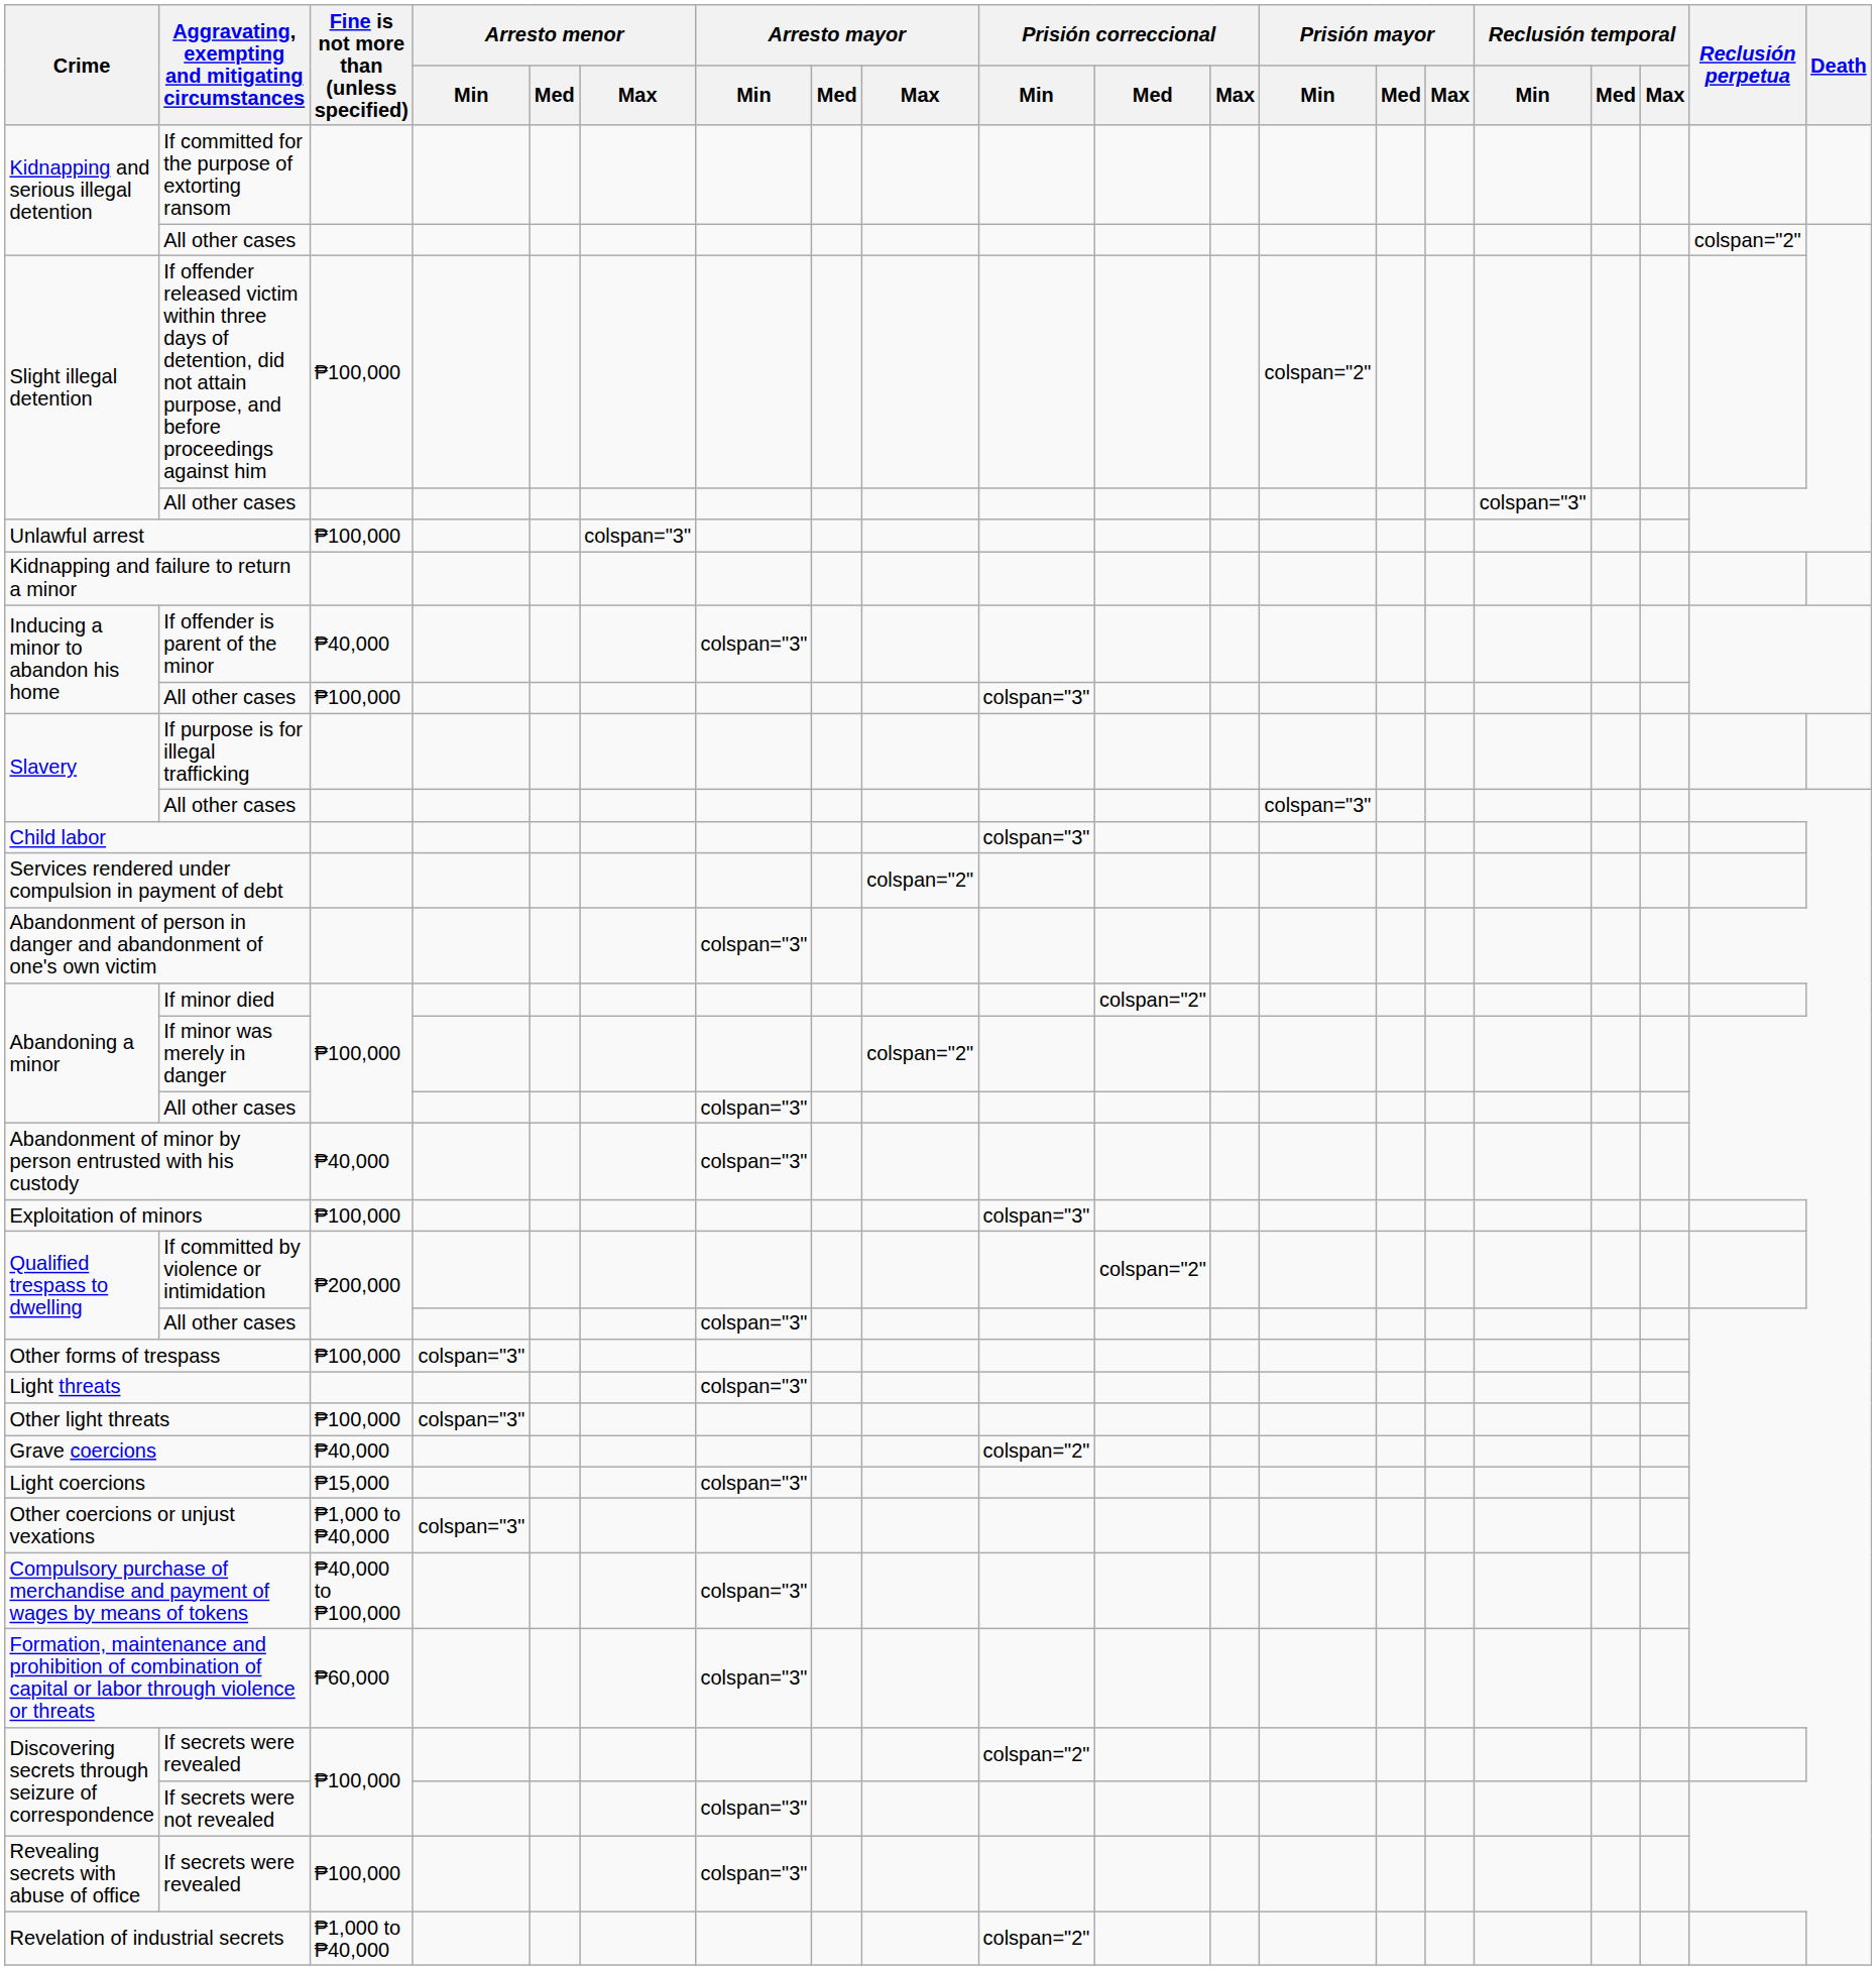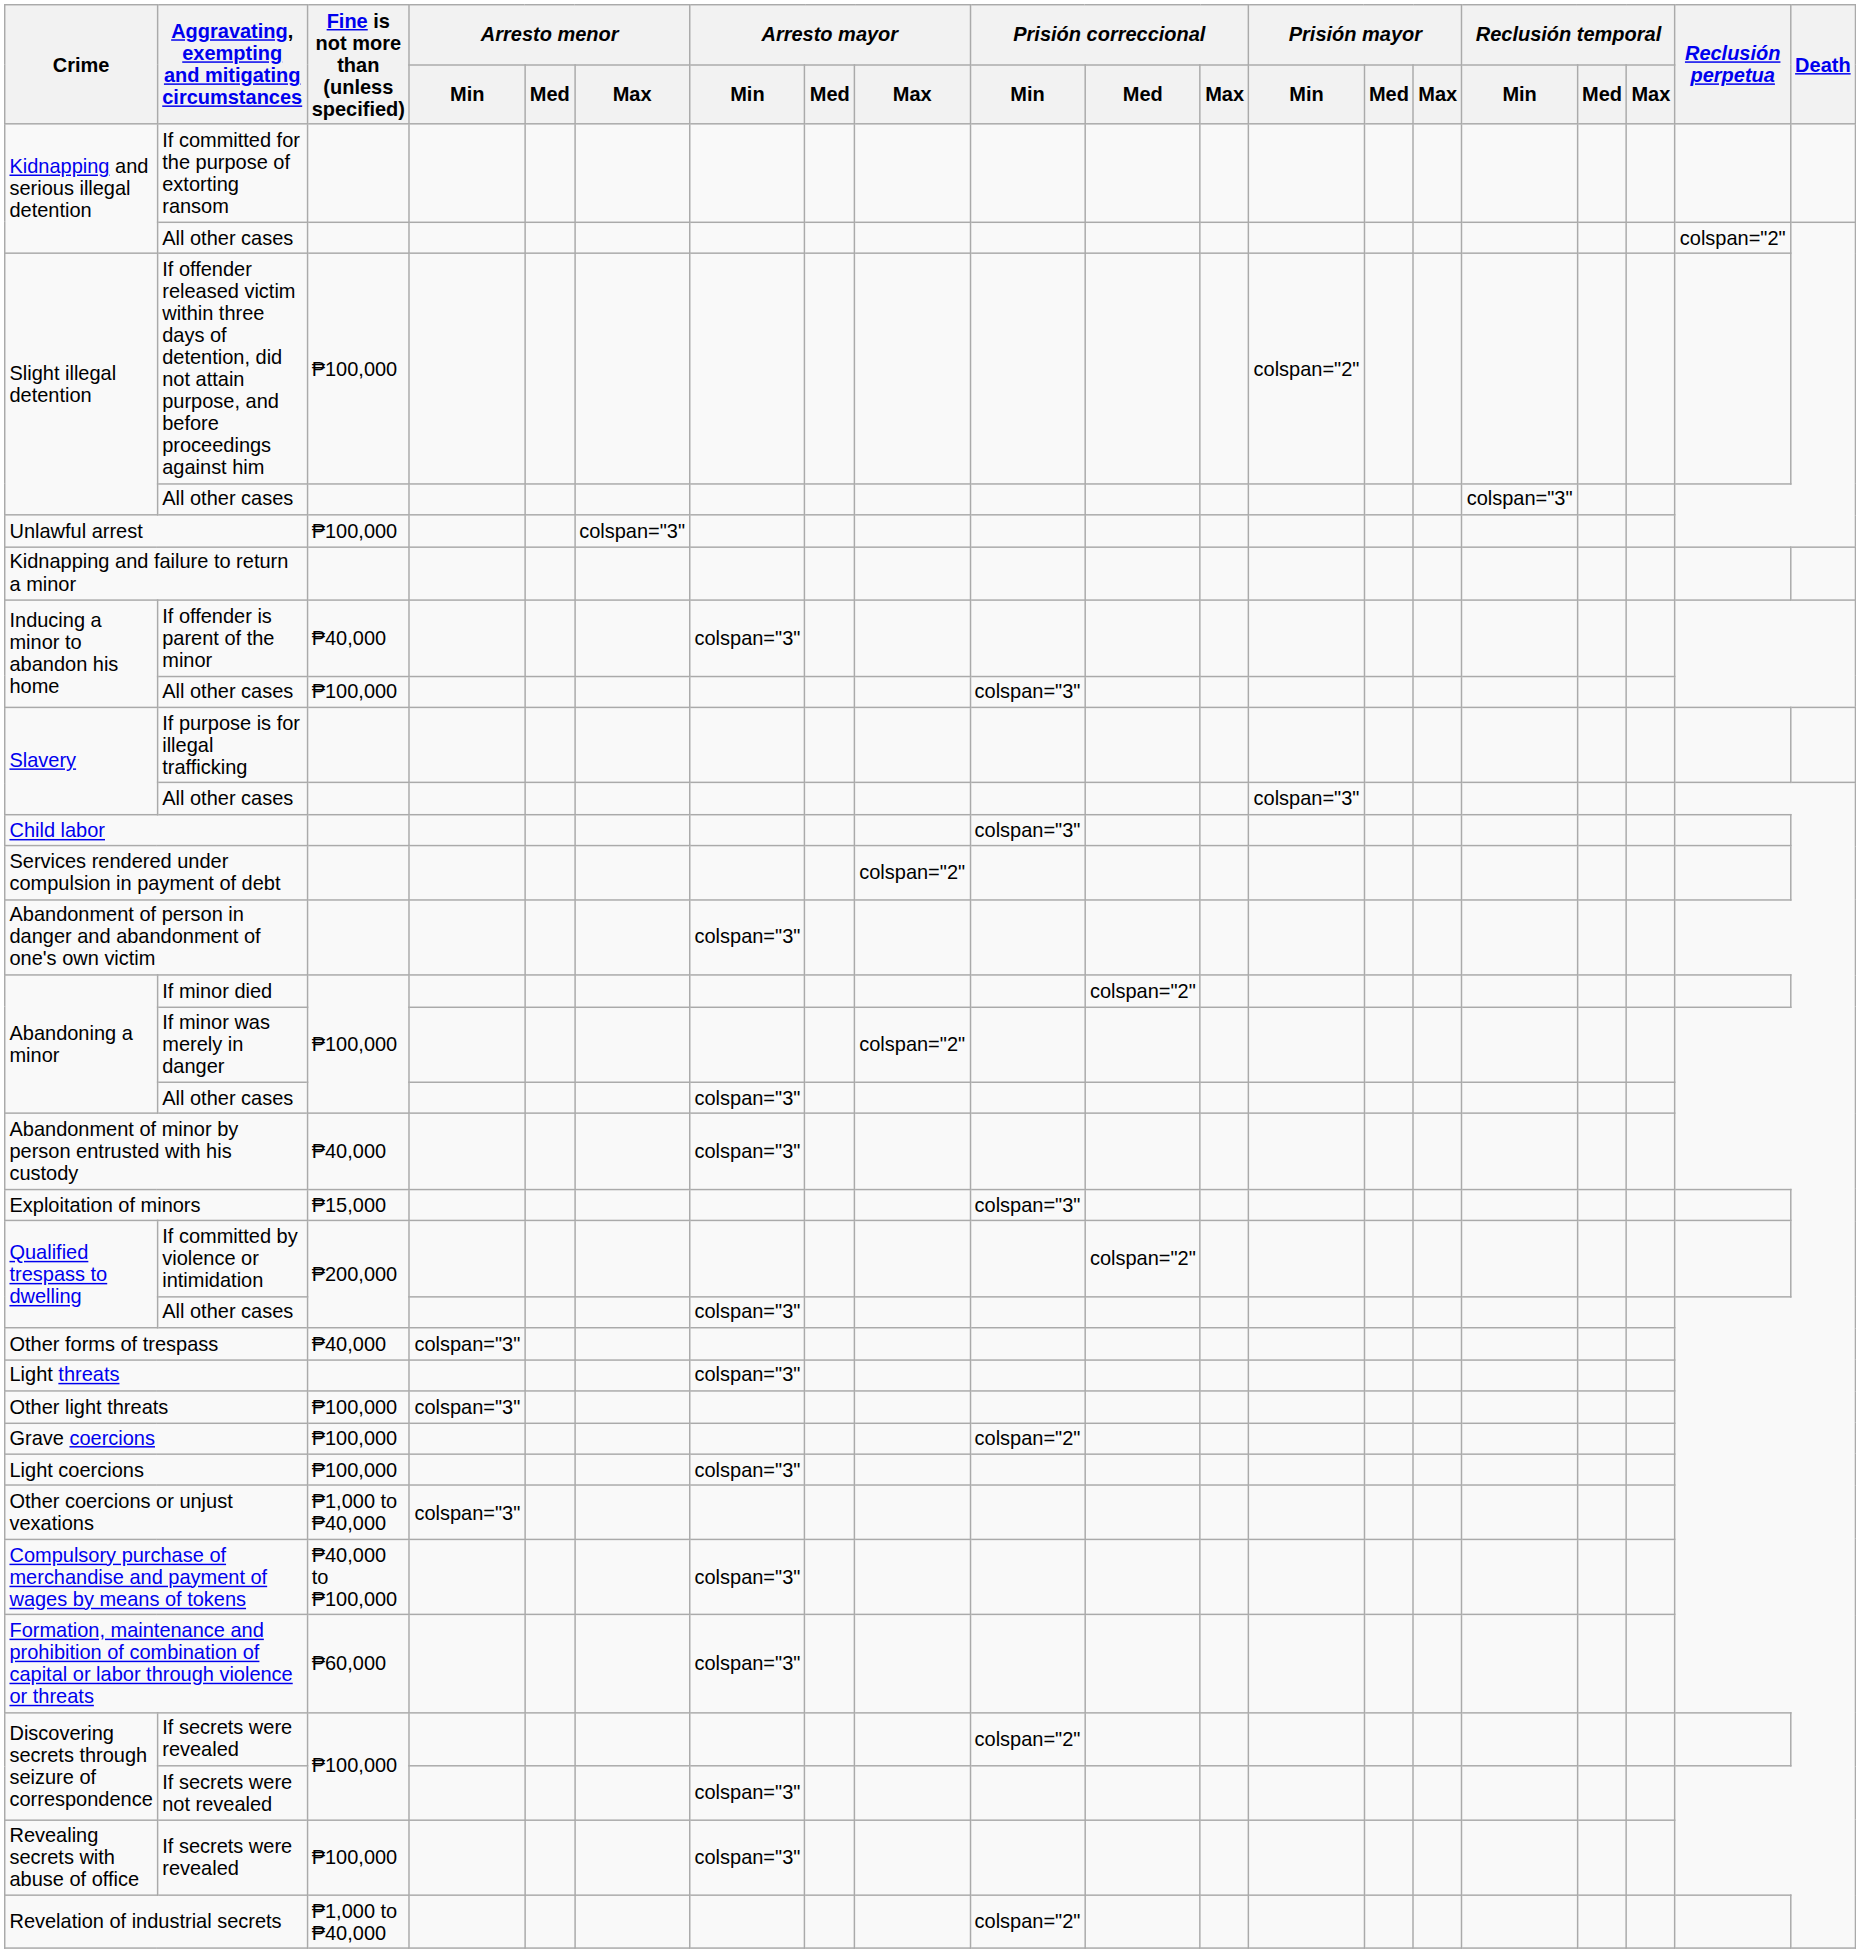 <table class="wikitable" style="font-size:85%;" width="100%">
 <tr>
 <th rowspan="2">Crime</th>
 <th rowspan="2"><a href='#'>Aggravating</a>, <a href='#'>exempting and mitigating circumstances</a></th>
 <th rowspan="2"><a href='#'>Fine</a> is not more than (unless specified)</th>
 <th colspan="3"><em>Arresto menor</em></th>
 <th colspan="3"><em>Arresto mayor</em></th>
 <th colspan="3"><em>Prisión correccional</em></th>
 <th colspan="3"><em>Prisión mayor</em></th>
 <th colspan="3"><em>Reclusión temporal</em></th>
 <th rowspan="2"><em><a href='#'>Reclusión perpetua</a></em></th>
 <th rowspan="2"><a href='#'>Death</a></th>
 </tr>
 <tr>
 <th>Min</th>
 <th>Med</th>
 <th>Max</th>
 <th>Min</th>
 <th>Med</th>
 <th>Max</th>
 <th>Min</th>
 <th>Med</th>
 <th>Max</th>
 <th>Min</th>
 <th>Med</th>
 <th>Max</th>
 <th>Min</th>
 <th>Med</th>
 <th>Max</th>
 </tr>
 <tr>
 <td rowspan="2"><a href='#'>Kidnapping</a> and serious illegal detention</td>
 <td>If committed for the purpose of extorting ransom</td>
 <td></td>
 <td></td>
 <td></td>
 <td></td>
 <td></td>
 <td></td>
 <td></td>
 <td></td>
 <td></td>
 <td></td>
 <td></td>
 <td></td>
 <td></td>
 <td></td>
 <td></td>
 <td></td>
 <td></td>
 <td></td>
 </tr>
 <tr>
 <td>All other cases</td>
 <td></td>
 <td></td>
 <td></td>
 <td></td>
 <td></td>
 <td></td>
 <td></td>
 <td></td>
 <td></td>
 <td></td>
 <td></td>
 <td></td>
 <td></td>
 <td></td>
 <td></td>
 <td></td>
 <td>colspan="2" </td>
 </tr>
 <tr>
 <td rowspan="2">Slight illegal detention</td>
 <td>If offender released victim within three days of detention, did not attain purpose, and before proceedings against him</td>
 <td>₱100,000</td>
 <td></td>
 <td></td>
 <td></td>
 <td></td>
 <td></td>
 <td></td>
 <td></td>
 <td></td>
 <td></td>
 <td>colspan="2" </td>
 <td></td>
 <td></td>
 <td></td>
 <td></td>
 <td></td>
 <td></td>
 </tr>
 <tr>
 <td>All other cases</td>
 <td></td>
 <td></td>
 <td></td>
 <td></td>
 <td></td>
 <td></td>
 <td></td>
 <td></td>
 <td></td>
 <td></td>
 <td></td>
 <td></td>
 <td></td>
 <td>colspan="3" </td>
 <td></td>
 <td></td>
 </tr>
 <tr>
 <td colspan="2">Unlawful arrest</td>
 <td>₱100,000</td>
 <td></td>
 <td></td>
 <td>colspan="3" </td>
 <td></td>
 <td></td>
 <td></td>
 <td></td>
 <td></td>
 <td></td>
 <td></td>
 <td></td>
 <td></td>
 <td></td>
 <td></td>
 <td></td>
 </tr>
 <tr>
 <td colspan="2">Kidnapping and failure to return a minor</td>
 <td></td>
 <td></td>
 <td></td>
 <td></td>
 <td></td>
 <td></td>
 <td></td>
 <td></td>
 <td></td>
 <td></td>
 <td></td>
 <td></td>
 <td></td>
 <td></td>
 <td></td>
 <td></td>
 <td></td>
 <td></td>
 </tr>
 <tr>
 <td rowspan="2">Inducing a minor to abandon his home</td>
 <td>If offender is parent of the minor</td>
 <td>₱40,000</td>
 <td></td>
 <td></td>
 <td></td>
 <td>colspan="3" </td>
 <td></td>
 <td></td>
 <td></td>
 <td></td>
 <td></td>
 <td></td>
 <td></td>
 <td></td>
 <td></td>
 <td></td>
 <td></td>
 </tr>
 <tr>
 <td>All other cases</td>
 <td>₱100,000</td>
 <td></td>
 <td></td>
 <td></td>
 <td></td>
 <td></td>
 <td></td>
 <td>colspan="3" </td>
 <td></td>
 <td></td>
 <td></td>
 <td></td>
 <td></td>
 <td></td>
 <td></td>
 <td></td>
 </tr>
 <tr>
 <td rowspan="2"><a href='#'>Slavery</a></td>
 <td>If purpose is for illegal trafficking</td>
 <td></td>
 <td></td>
 <td></td>
 <td></td>
 <td></td>
 <td></td>
 <td></td>
 <td></td>
 <td></td>
 <td></td>
 <td></td>
 <td></td>
 <td></td>
 <td></td>
 <td></td>
 <td></td>
 <td></td>
 <td></td>
 </tr>
 <tr>
 <td>All other cases</td>
 <td></td>
 <td></td>
 <td></td>
 <td></td>
 <td></td>
 <td></td>
 <td></td>
 <td></td>
 <td></td>
 <td></td>
 <td>colspan="3" </td>
 <td></td>
 <td></td>
 <td></td>
 <td></td>
 <td></td>
 </tr>
 <tr>
 <td colspan="2"><a href='#'>Child labor</a></td>
 <td></td>
 <td></td>
 <td></td>
 <td></td>
 <td></td>
 <td></td>
 <td></td>
 <td>colspan="3" </td>
 <td></td>
 <td></td>
 <td></td>
 <td></td>
 <td></td>
 <td></td>
 <td></td>
 <td></td>
 <td></td>
 </tr>
 <tr>
 <td colspan="2">Services rendered under compulsion in payment of debt</td>
 <td></td>
 <td></td>
 <td></td>
 <td></td>
 <td></td>
 <td></td>
 <td>colspan="2" </td>
 <td></td>
 <td></td>
 <td></td>
 <td></td>
 <td></td>
 <td></td>
 <td></td>
 <td></td>
 <td></td>
 <td></td>
 </tr>
 <tr>
 <td colspan="2">Abandonment of person in danger and abandonment of one's own victim</td>
 <td></td>
 <td></td>
 <td></td>
 <td></td>
 <td>colspan="3" </td>
 <td></td>
 <td></td>
 <td></td>
 <td></td>
 <td></td>
 <td></td>
 <td></td>
 <td></td>
 <td></td>
 <td></td>
 <td></td>
 </tr>
 <tr>
 <td rowspan="3">Abandoning a minor</td>
 <td>If minor died</td>
 <td rowspan="3">₱100,000</td>
 <td></td>
 <td></td>
 <td></td>
 <td></td>
 <td></td>
 <td></td>
 <td></td>
 <td>colspan="2" </td>
 <td></td>
 <td></td>
 <td></td>
 <td></td>
 <td></td>
 <td></td>
 <td></td>
 <td></td>
 </tr>
 <tr>
 <td>If minor was merely in danger</td>
 <td></td>
 <td></td>
 <td></td>
 <td></td>
 <td></td>
 <td>colspan="2" </td>
 <td></td>
 <td></td>
 <td></td>
 <td></td>
 <td></td>
 <td></td>
 <td></td>
 <td></td>
 <td></td>
 </tr>
 <tr>
 <td>All other cases</td>
 <td></td>
 <td></td>
 <td></td>
 <td>colspan="3" </td>
 <td></td>
 <td></td>
 <td></td>
 <td></td>
 <td></td>
 <td></td>
 <td></td>
 <td></td>
 <td></td>
 <td></td>
 <td></td>
 </tr>
 <tr>
 <td colspan="2">Abandonment of minor by person entrusted with his custody</td>
 <td>₱40,000</td>
 <td></td>
 <td></td>
 <td></td>
 <td>colspan="3" </td>
 <td></td>
 <td></td>
 <td></td>
 <td></td>
 <td></td>
 <td></td>
 <td></td>
 <td></td>
 <td></td>
 <td></td>
 <td></td>
 </tr>
 <tr>
 <td colspan="2">Exploitation of minors</td>
-<td>₱100,000</td>
+<td>₱15,000</td>
 <td></td>
 <td></td>
 <td></td>
 <td></td>
 <td></td>
 <td></td>
 <td>colspan="3" </td>
 <td></td>
 <td></td>
 <td></td>
 <td></td>
 <td></td>
 <td></td>
 <td></td>
 <td></td>
 <td></td>
 </tr>
 <tr>
 <td rowspan="2"><a href='#'>Qualified trespass to dwelling</a></td>
 <td>If committed by violence or intimidation</td>
 <td rowspan="2">₱200,000</td>
 <td></td>
 <td></td>
 <td></td>
 <td></td>
 <td></td>
 <td></td>
 <td></td>
 <td>colspan="2" </td>
 <td></td>
 <td></td>
 <td></td>
 <td></td>
 <td></td>
 <td></td>
 <td></td>
 <td></td>
 </tr>
 <tr>
 <td>All other cases</td>
 <td></td>
 <td></td>
 <td></td>
 <td>colspan="3" </td>
 <td></td>
 <td></td>
 <td></td>
 <td></td>
 <td></td>
 <td></td>
 <td></td>
 <td></td>
 <td></td>
 <td></td>
 <td></td>
 </tr>
 <tr>
 <td colspan="2">Other forms of trespass</td>
-<td>₱100,000</td>
+<td>₱40,000</td>
 <td>colspan="3" </td>
 <td></td>
 <td></td>
 <td></td>
 <td></td>
 <td></td>
 <td></td>
 <td></td>
 <td></td>
 <td></td>
 <td></td>
 <td></td>
 <td></td>
 <td></td>
 <td></td>
 </tr>
 <tr>
 <td colspan="2">Light <a href='#'>threats</a></td>
 <td></td>
 <td></td>
 <td></td>
 <td></td>
 <td>colspan="3" </td>
 <td></td>
 <td></td>
 <td></td>
 <td></td>
 <td></td>
 <td></td>
 <td></td>
 <td></td>
 <td></td>
 <td></td>
 <td></td>
 </tr>
 <tr>
 <td colspan="2">Other light threats</td>
 <td>₱100,000</td>
 <td>colspan="3" </td>
 <td></td>
 <td></td>
 <td></td>
 <td></td>
 <td></td>
 <td></td>
 <td></td>
 <td></td>
 <td></td>
 <td></td>
 <td></td>
 <td></td>
 <td></td>
 <td></td>
 </tr>
 <tr>
 <td colspan="2">Grave <a href='#'>coercions</a></td>
-<td>₱40,000</td>
+<td>₱100,000</td>
 <td></td>
 <td></td>
 <td></td>
 <td></td>
 <td></td>
 <td></td>
 <td>colspan="2" </td>
 <td></td>
 <td></td>
 <td></td>
 <td></td>
 <td></td>
 <td></td>
 <td></td>
 <td></td>
 </tr>
 <tr>
 <td colspan="2">Light coercions</td>
-<td>₱15,000</td>
+<td>₱100,000</td>
 <td></td>
 <td></td>
 <td></td>
 <td>colspan="3" </td>
 <td></td>
 <td></td>
 <td></td>
 <td></td>
 <td></td>
 <td></td>
 <td></td>
 <td></td>
 <td></td>
 <td></td>
 <td></td>
 </tr>
 <tr>
 <td colspan="2">Other coercions or unjust vexations</td>
 <td>₱1,000 to ₱40,000</td>
 <td>colspan="3" </td>
 <td></td>
 <td></td>
 <td></td>
 <td></td>
 <td></td>
 <td></td>
 <td></td>
 <td></td>
 <td></td>
 <td></td>
 <td></td>
 <td></td>
 <td></td>
 <td></td>
 </tr>
 <tr>
 <td colspan="2"><a href='#'>Compulsory purchase of merchandise and payment of wages by means of tokens</a></td>
 <td>₱40,000 to ₱100,000</td>
 <td></td>
 <td></td>
 <td></td>
 <td>colspan="3" </td>
 <td></td>
 <td></td>
 <td></td>
 <td></td>
 <td></td>
 <td></td>
 <td></td>
 <td></td>
 <td></td>
 <td></td>
 <td></td>
 </tr>
 <tr>
 <td colspan="2"><a href='#'>Formation, maintenance and prohibition of combination of capital or labor through violence or threats</a></td>
 <td>₱60,000</td>
 <td></td>
 <td></td>
 <td></td>
 <td>colspan="3" </td>
 <td></td>
 <td></td>
 <td></td>
 <td></td>
 <td></td>
 <td></td>
 <td></td>
 <td></td>
 <td></td>
 <td></td>
 <td></td>
 </tr>
 <tr>
 <td rowspan="2">Discovering secrets through seizure of correspondence</td>
 <td>If secrets were revealed</td>
 <td rowspan="2">₱100,000</td>
 <td></td>
 <td></td>
 <td></td>
 <td></td>
 <td></td>
 <td></td>
 <td>colspan="2" </td>
 <td></td>
 <td></td>
 <td></td>
 <td></td>
 <td></td>
 <td></td>
 <td></td>
 <td></td>
 <td></td>
 </tr>
 <tr>
 <td>If secrets were not revealed</td>
 <td></td>
 <td></td>
 <td></td>
 <td>colspan="3" </td>
 <td></td>
 <td></td>
 <td></td>
 <td></td>
 <td></td>
 <td></td>
 <td></td>
 <td></td>
 <td></td>
 <td></td>
 <td></td>
 </tr>
 <tr>
 <td>Revealing secrets with abuse of office</td>
 <td>If secrets were revealed</td>
 <td>₱100,000</td>
 <td></td>
 <td></td>
 <td></td>
 <td>colspan="3" </td>
 <td></td>
 <td></td>
 <td></td>
 <td></td>
 <td></td>
 <td></td>
 <td></td>
 <td></td>
 <td></td>
 <td></td>
 <td></td>
 </tr>
 <tr>
 <td colspan="2">Revelation of industrial secrets</td>
 <td>₱1,000 to ₱40,000</td>
 <td></td>
 <td></td>
 <td></td>
 <td></td>
 <td></td>
 <td></td>
 <td>colspan="2" </td>
 <td></td>
 <td></td>
 <td></td>
 <td></td>
 <td></td>
 <td></td>
 <td></td>
 <td></td>
 <td></td>
 </tr>
 </table>
